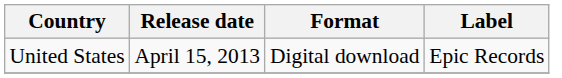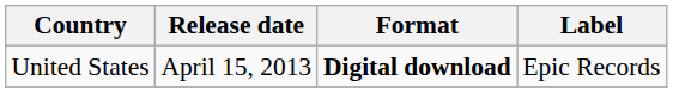 <table class="wikitable plainrowheaders">
 <tr>
 <th scope="col">Country</th>
 <th scope="col">Release date</th>
 <th scope="col">Format</th>
 <th scope="col">Label</th>
 </tr>
 <tr>
 <td>United States</td>
 <td>April 15, 2013</td>
-<td>Digital download</td>
+<td><strong>Digital download</strong></td>
 <td>Epic Records</td>
 </tr>
 <tr>
 </tr>
 </table>
